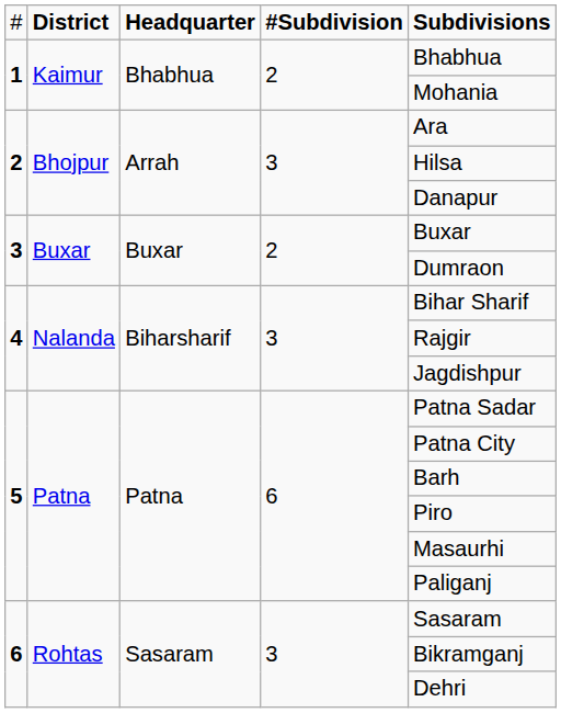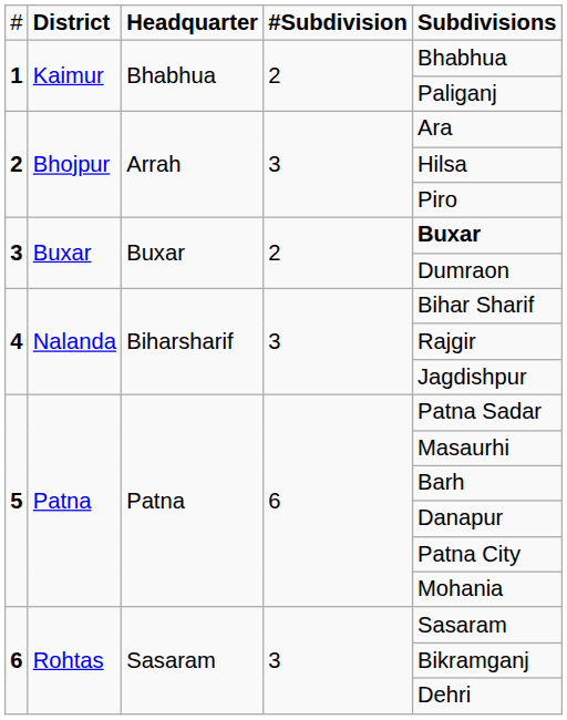 <table class="wikitable sortable">
 <tr>
 <td>#</td>
 <td><strong>District</strong></td>
 <td><strong>Headquarter</strong></td>
 <td><strong>#Subdivision</strong></td>
 <td><strong>Subdivisions</strong></td>
 </tr>
 <tr>
 <td rowspan="2"><strong>1</strong></td>
 <td rowspan="2"><a href='#'>Kaimur</a></td>
 <td rowspan="2">Bhabhua</td>
 <td rowspan="2">2</td>
 <td>Bhabhua</td>
 </tr>
 <tr>
-<td>Mohania</td>
+<td>Paliganj</td>
 </tr>
 <tr>
 <td rowspan="3"><strong>2</strong></td>
 <td rowspan="3"><a href='#'>Bhojpur</a></td>
 <td rowspan="3">Arrah</td>
 <td rowspan="3">3</td>
 <td>Ara</td>
 </tr>
 <tr>
 <td>Hilsa</td>
 </tr>
 <tr>
-<td>Danapur</td>
+<td>Piro</td>
 </tr>
 <tr>
 <td rowspan="2"><strong>3</strong></td>
 <td rowspan="2"><a href='#'>Buxar</a></td>
 <td rowspan="2">Buxar</td>
 <td rowspan="2">2</td>
-<td>Buxar</td>
+<td><strong>Buxar</strong></td>
 </tr>
 <tr>
 <td>Dumraon</td>
 </tr>
 <tr>
 <td rowspan="3"><strong>4</strong></td>
 <td rowspan="3"><a href='#'>Nalanda</a></td>
 <td rowspan="3">Biharsharif</td>
 <td rowspan="3">3</td>
 <td>Bihar Sharif</td>
 </tr>
 <tr>
 <td>Rajgir</td>
 </tr>
 <tr>
 <td>Jagdishpur</td>
 </tr>
 <tr>
 <td rowspan="6"><strong>5</strong></td>
 <td rowspan="6"><a href='#'>Patna</a></td>
 <td rowspan="6">Patna</td>
 <td rowspan="6">6</td>
 <td>Patna Sadar</td>
 </tr>
 <tr>
-<td>Patna City</td>
+<td>Masaurhi</td>
 </tr>
 <tr>
 <td>Barh</td>
 </tr>
 <tr>
-<td>Piro</td>
+<td>Danapur</td>
 </tr>
 <tr>
-<td>Masaurhi</td>
+<td>Patna City</td>
 </tr>
 <tr>
-<td>Paliganj</td>
+<td>Mohania</td>
 </tr>
 <tr>
 <td rowspan="3"><strong>6</strong></td>
 <td rowspan="3"><a href='#'>Rohtas</a></td>
 <td rowspan="3">Sasaram</td>
 <td rowspan="3">3</td>
 <td>Sasaram</td>
 </tr>
 <tr>
 <td>Bikramganj</td>
 </tr>
 <tr>
 <td>Dehri</td>
 </tr>
 </table>
